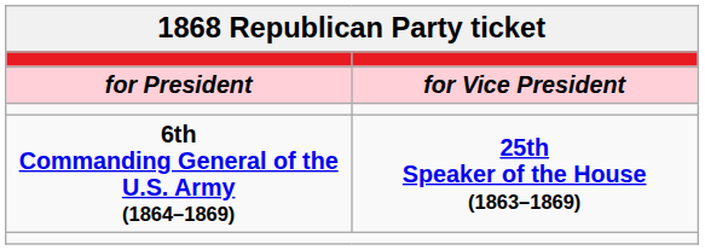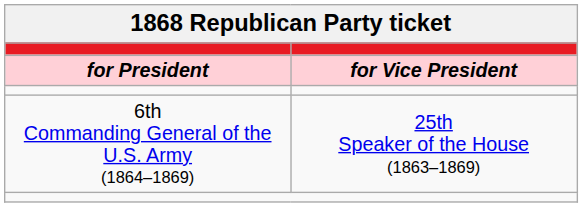 <table class="wikitable" style="font-size:90%; text-align:center;">
 <tr>
 <td style="background:#f1f1f1;" colspan="30"><big><strong>1868 Republican Party ticket</strong></big></td>
 </tr>
 <tr>
 <th style="width:3em; font-size:135%; background:#E81B23; width:200px;"><a href='#'></a></th>
 <th style="width:3em; font-size:135%; background:#E81B23; width:200px;"><a href='#'></a></th>
 </tr>
 <tr style="color:#000; font-size:100%; background:#FFD0D7;">
 <td style="width:3em; width:200px;"><strong><em>for President</em></strong></td>
 <td style="width:3em; width:200px;"><strong><em>for Vice President</em></strong></td>
 </tr>
 <tr>
 <td></td>
 <td></td>
 </tr>
 <tr>
-<td><strong>6th<br><a href='#'>Commanding General of the U.S. Army</a><br><small>(1864–1869)</small></strong></td>
-<td><strong><a href='#'>25th</a><br><a href='#'>Speaker of the House</a><br><small>(1863–1869)</small></strong></td>
+<td>6th<br><a href='#'>Commanding General of the U.S. Army</a><br><small>(1864–1869)</small></td>
+<td><a href='#'>25th</a><br><a href='#'>Speaker of the House</a><br><small>(1863–1869)</small></td>
 </tr>
 <tr>
 <td colspan=2></td>
 </tr>
 </table>
